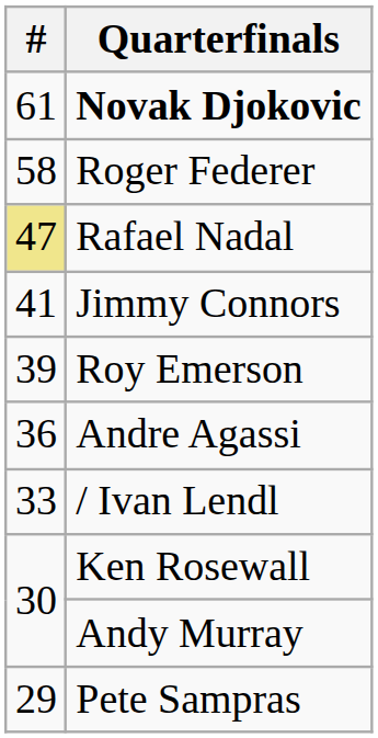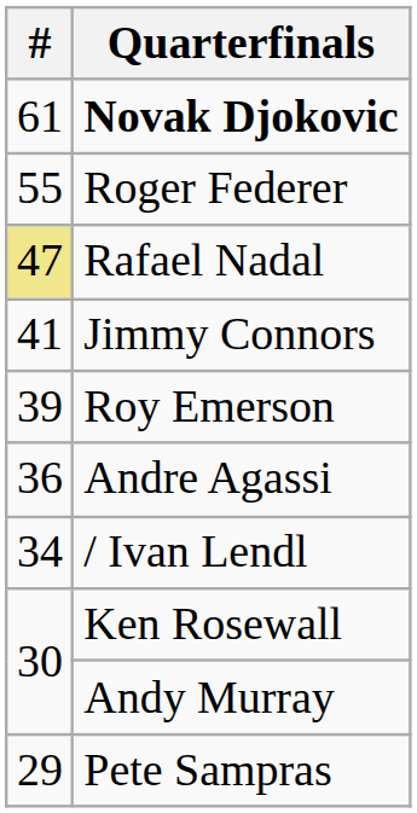 <table class=wikitable style="display:inline-table;">
 <tr>
 <th>#</th>
 <th>Quarterfinals</th>
 </tr>
 <tr>
 <td>61</td>
 <td> <strong>Novak Djokovic</strong></td>
 </tr>
 <tr>
-<td>58</td>
+<td>55</td>
 <td> Roger Federer</td>
 </tr>
 <tr>
 <td style="background: khaki;">47</td>
 <td> Rafael Nadal</td>
 </tr>
 <tr>
 <td>41</td>
 <td> Jimmy Connors</td>
 </tr>
 <tr>
 <td>39</td>
 <td> Roy Emerson</td>
 </tr>
 <tr>
 <td>36</td>
 <td> Andre Agassi</td>
 </tr>
 <tr>
-<td>33</td>
+<td>34</td>
 <td>/ Ivan Lendl</td>
 </tr>
 <tr>
 <td rowspan="2">30</td>
 <td> Ken Rosewall</td>
 </tr>
 <tr>
 <td> Andy Murray</td>
 </tr>
 <tr>
 <td>29</td>
 <td> Pete Sampras</td>
 </tr>
 </table>
